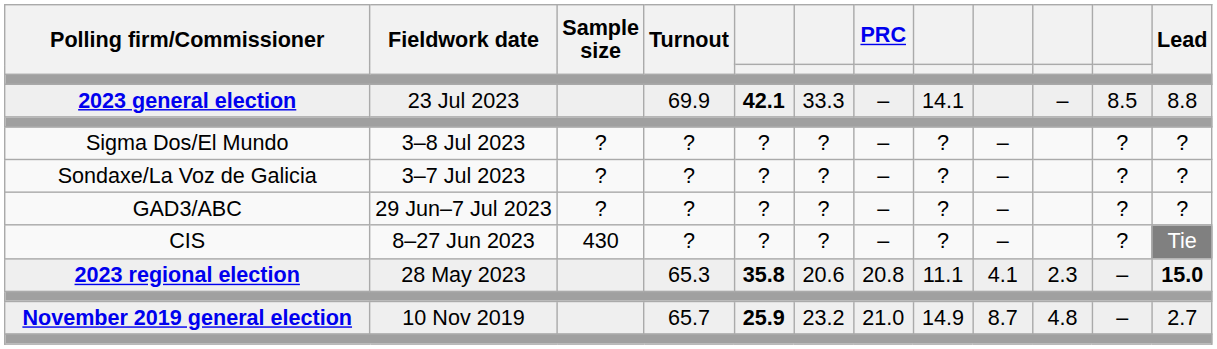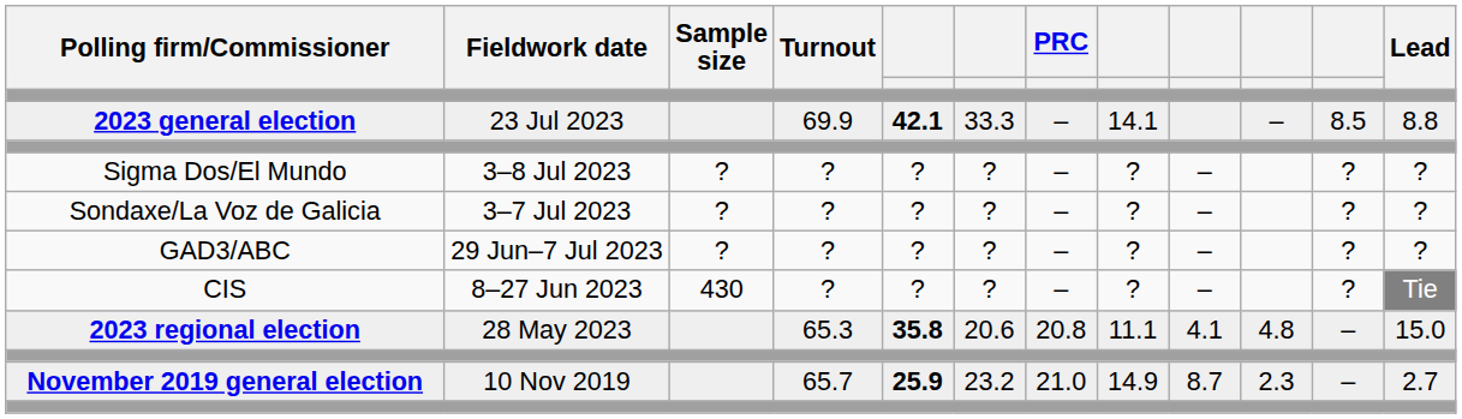 <table class="wikitable collapsible collapsed" style="text-align:center; font-size:95%; line-height:16px;">
 <tr style="height:42px;">
 <th style="width:250px;" rowspan="2">Polling firm/Commissioner</th>
 <th style="width:125px;" rowspan="2">Fieldwork date</th>
 <th style="width:50px;" rowspan="2">Sample size</th>
 <th style="width:45px;" rowspan="2">Turnout</th>
 <th style="width:35px;"></th>
 <th style="width:35px;"></th>
 <th style="width:35px;"><a href='#'>PRC</a></th>
 <th style="width:35px;"></th>
 <th style="width:35px;"></th>
 <th style="width:35px;"></th>
 <th style="width:35px;"></th>
 <th style="width:30px;" rowspan="2">Lead</th>
 </tr>
 <tr>
 <th style="color:inherit;background:"></th>
 <th style="color:inherit;background:"></th>
 <th style="color:inherit;background:"></th>
 <th style="color:inherit;background:"></th>
 <th style="color:inherit;background:"></th>
 <th style="color:inherit;background:"></th>
 <th style="color:inherit;background:"></th>
 </tr>
 <tr>
 <td colspan="13" style="background:#A0A0A0"></td>
 </tr>
 <tr style="background:#EFEFEF;">
 <td><strong><a href='#'>2023 general election</a></strong></td>
 <td>23 Jul 2023</td>
 <td></td>
 <td>69.9</td>
 <td><strong>42.1</strong><br></td>
 <td>33.3<br></td>
 <td>–</td>
 <td>14.1<br></td>
 <td></td>
 <td>–</td>
 <td>8.5<br></td>
 <td style="background:">8.8</td>
 </tr>
 <tr>
 <td colspan="13" style="background:#A0A0A0"></td>
 </tr>
 <tr>
 <td>Sigma Dos/El Mundo</td>
 <td>3–8 Jul 2023</td>
 <td>?</td>
 <td>?</td>
 <td>?<br></td>
 <td>?<br></td>
 <td>–</td>
 <td>?<br></td>
 <td>–</td>
 <td></td>
 <td>?<br></td>
 <td style="background:">?</td>
 </tr>
 <tr>
 <td>Sondaxe/La Voz de Galicia</td>
 <td>3–7 Jul 2023</td>
 <td>?</td>
 <td>?</td>
 <td>?<br></td>
 <td>?<br></td>
 <td>–</td>
 <td>?<br></td>
 <td>–</td>
 <td></td>
 <td>?<br></td>
 <td style="background:">?</td>
 </tr>
 <tr>
 <td>GAD3/ABC</td>
 <td>29 Jun–7 Jul 2023</td>
 <td>?</td>
 <td>?</td>
 <td>?<br></td>
 <td>?<br></td>
 <td>–</td>
 <td>?<br></td>
 <td>–</td>
 <td></td>
 <td>?<br></td>
 <td style="background:">?</td>
 </tr>
 <tr>
 <td>CIS</td>
 <td>8–27 Jun 2023</td>
 <td>430</td>
 <td>?</td>
 <td>?<br></td>
 <td>?<br></td>
 <td>–</td>
 <td>?<br></td>
 <td>–</td>
 <td></td>
 <td>?<br></td>
 <td style="background:gray; color:white;">Tie</td>
 </tr>
 <tr style="background:#EFEFEF;">
 <td><strong><a href='#'>2023 regional election</a></strong></td>
 <td>28 May 2023</td>
 <td></td>
 <td>65.3</td>
 <td><strong>35.8</strong><br></td>
 <td>20.6<br></td>
 <td>20.8<br></td>
 <td>11.1<br></td>
 <td>4.1<br></td>
-<td>2.3<br></td>
+<td>4.8<br></td>
 <td>–</td>
-<td style="background:"><strong>15.0</strong></td>
+<td style="background:">15.0</td>
 </tr>
 <tr>
 <td colspan="12" style="background:#A0A0A0"></td>
 </tr>
 <tr style="background:#EFEFEF;">
 <td><strong><a href='#'>November 2019 general election</a></strong></td>
 <td>10 Nov 2019</td>
 <td></td>
 <td>65.7</td>
 <td><strong>25.9</strong><br></td>
 <td>23.2<br></td>
 <td>21.0<br></td>
 <td>14.9<br></td>
 <td>8.7<br></td>
-<td>4.8<br></td>
+<td>2.3<br></td>
 <td>–</td>
 <td style="background:">2.7</td>
 </tr>
 <tr>
 <td colspan="12" style="background:#A0A0A0"></td>
 </tr>
 </table>
